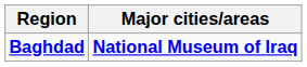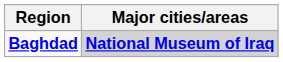 <table class="wikitable" style="font-size:90%">
 <tr>
 <th>Region</th>
 <th>Major cities/areas</th>
 </tr>
 <tr>
 <td><strong><a href='#'>Baghdad</a></strong></td>
-<td><strong><a href='#'>National Museum of Iraq</a></strong></td>
+<td style="background: lightgrey;"><strong><a href='#'>National Museum of Iraq</a></strong></td>
 </tr>
 </table>
